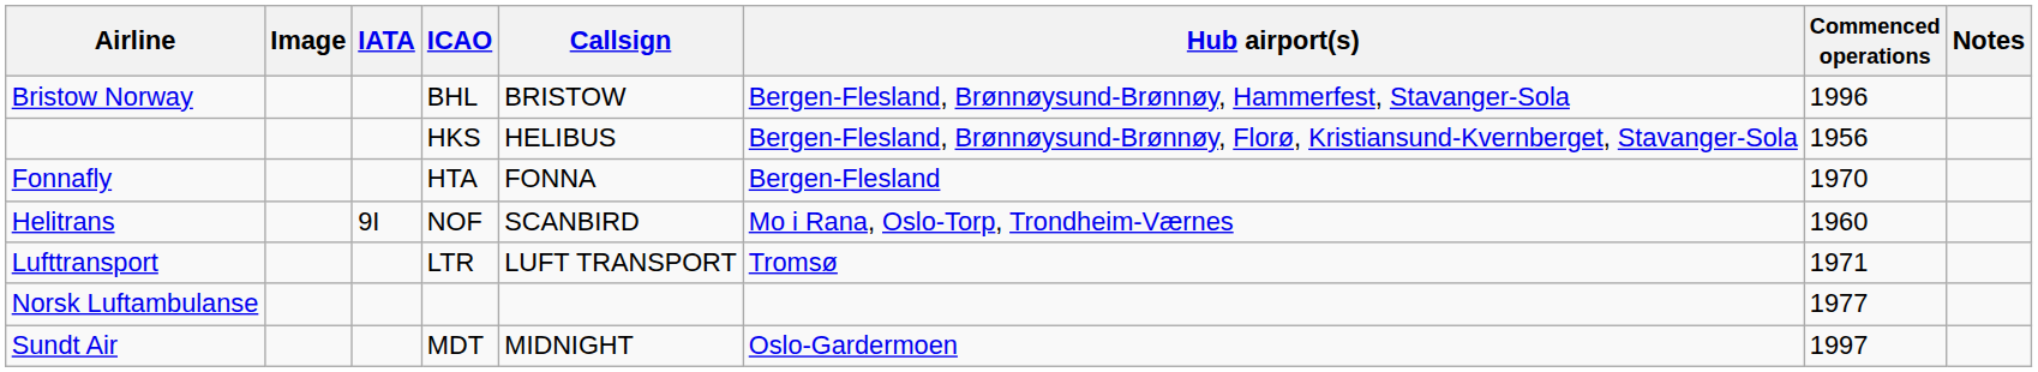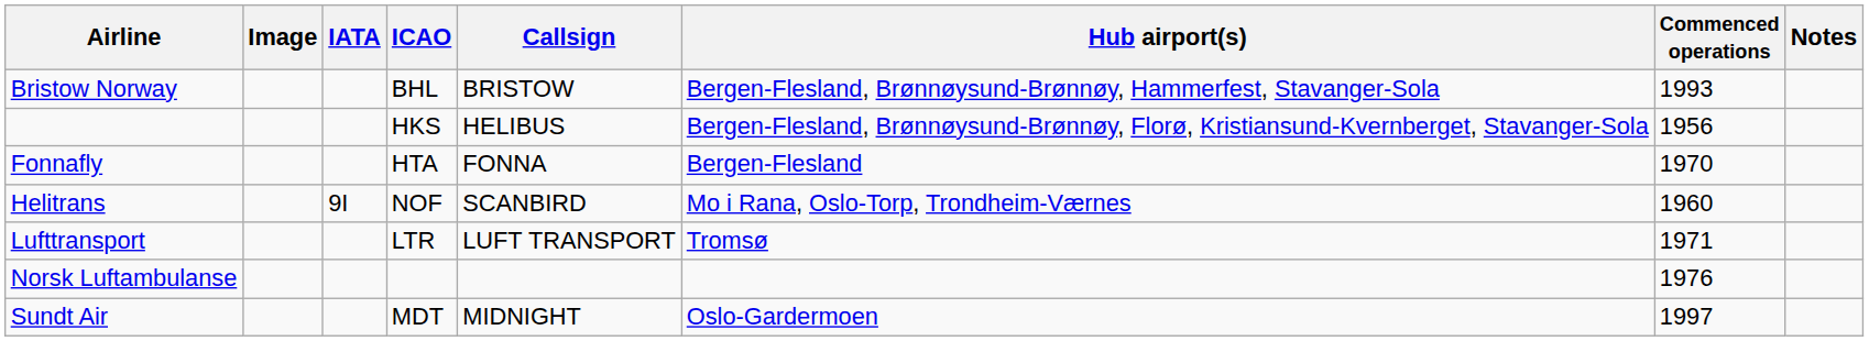 <table class="wikitable sortable" style="border: 0; cellpadding: 2; cellspacing: 3;">
 <tr valign="middle">
 <th>Airline</th>
 <th>Image</th>
 <th><a href='#'>IATA</a></th>
 <th><a href='#'>ICAO</a></th>
 <th><a href='#'>Callsign</a></th>
 <th><a href='#'>Hub</a> airport(s)</th>
 <th><small>Commenced<br>operations</small></th>
 <th>Notes</th>
 </tr>
 <tr>
 <td><a href='#'>Bristow Norway</a></td>
 <td></td>
 <td></td>
 <td>BHL</td>
 <td>BRISTOW</td>
 <td><a href='#'>Bergen-Flesland</a>, <a href='#'>Brønnøysund-Brønnøy</a>, <a href='#'>Hammerfest</a>, <a href='#'>Stavanger-Sola</a></td>
-<td>1996</td>
+<td>1993</td>
 <td></td>
 </tr>
 <tr>
 <td></td>
 <td></td>
 <td></td>
 <td>HKS</td>
 <td>HELIBUS</td>
 <td><a href='#'>Bergen-Flesland</a>, <a href='#'>Brønnøysund-Brønnøy</a>, <a href='#'>Florø</a>, <a href='#'>Kristiansund-Kvernberget</a>, <a href='#'>Stavanger-Sola</a></td>
 <td>1956</td>
 <td></td>
 </tr>
 <tr>
 <td><a href='#'>Fonnafly</a></td>
 <td></td>
 <td></td>
 <td>HTA</td>
 <td>FONNA</td>
 <td><a href='#'>Bergen-Flesland</a></td>
 <td>1970</td>
 <td></td>
 </tr>
 <tr>
 <td><a href='#'>Helitrans</a></td>
 <td></td>
 <td>9I</td>
 <td>NOF</td>
 <td>SCANBIRD</td>
 <td><a href='#'>Mo i Rana</a>, <a href='#'>Oslo-Torp</a>, <a href='#'>Trondheim-Værnes</a></td>
 <td>1960</td>
 <td></td>
 </tr>
 <tr>
 <td><a href='#'>Lufttransport</a></td>
 <td></td>
 <td></td>
 <td>LTR</td>
 <td>LUFT TRANSPORT</td>
 <td><a href='#'>Tromsø</a></td>
 <td>1971</td>
 <td></td>
 </tr>
 <tr>
 <td><a href='#'>Norsk Luftambulanse</a></td>
 <td></td>
 <td></td>
 <td></td>
 <td></td>
 <td></td>
-<td>1977</td>
+<td>1976</td>
 <td></td>
 </tr>
 <tr>
 <td><a href='#'>Sundt Air</a></td>
 <td></td>
 <td></td>
 <td>MDT</td>
 <td>MIDNIGHT</td>
 <td><a href='#'>Oslo-Gardermoen</a></td>
 <td>1997</td>
 <td></td>
 </tr>
 </table>
